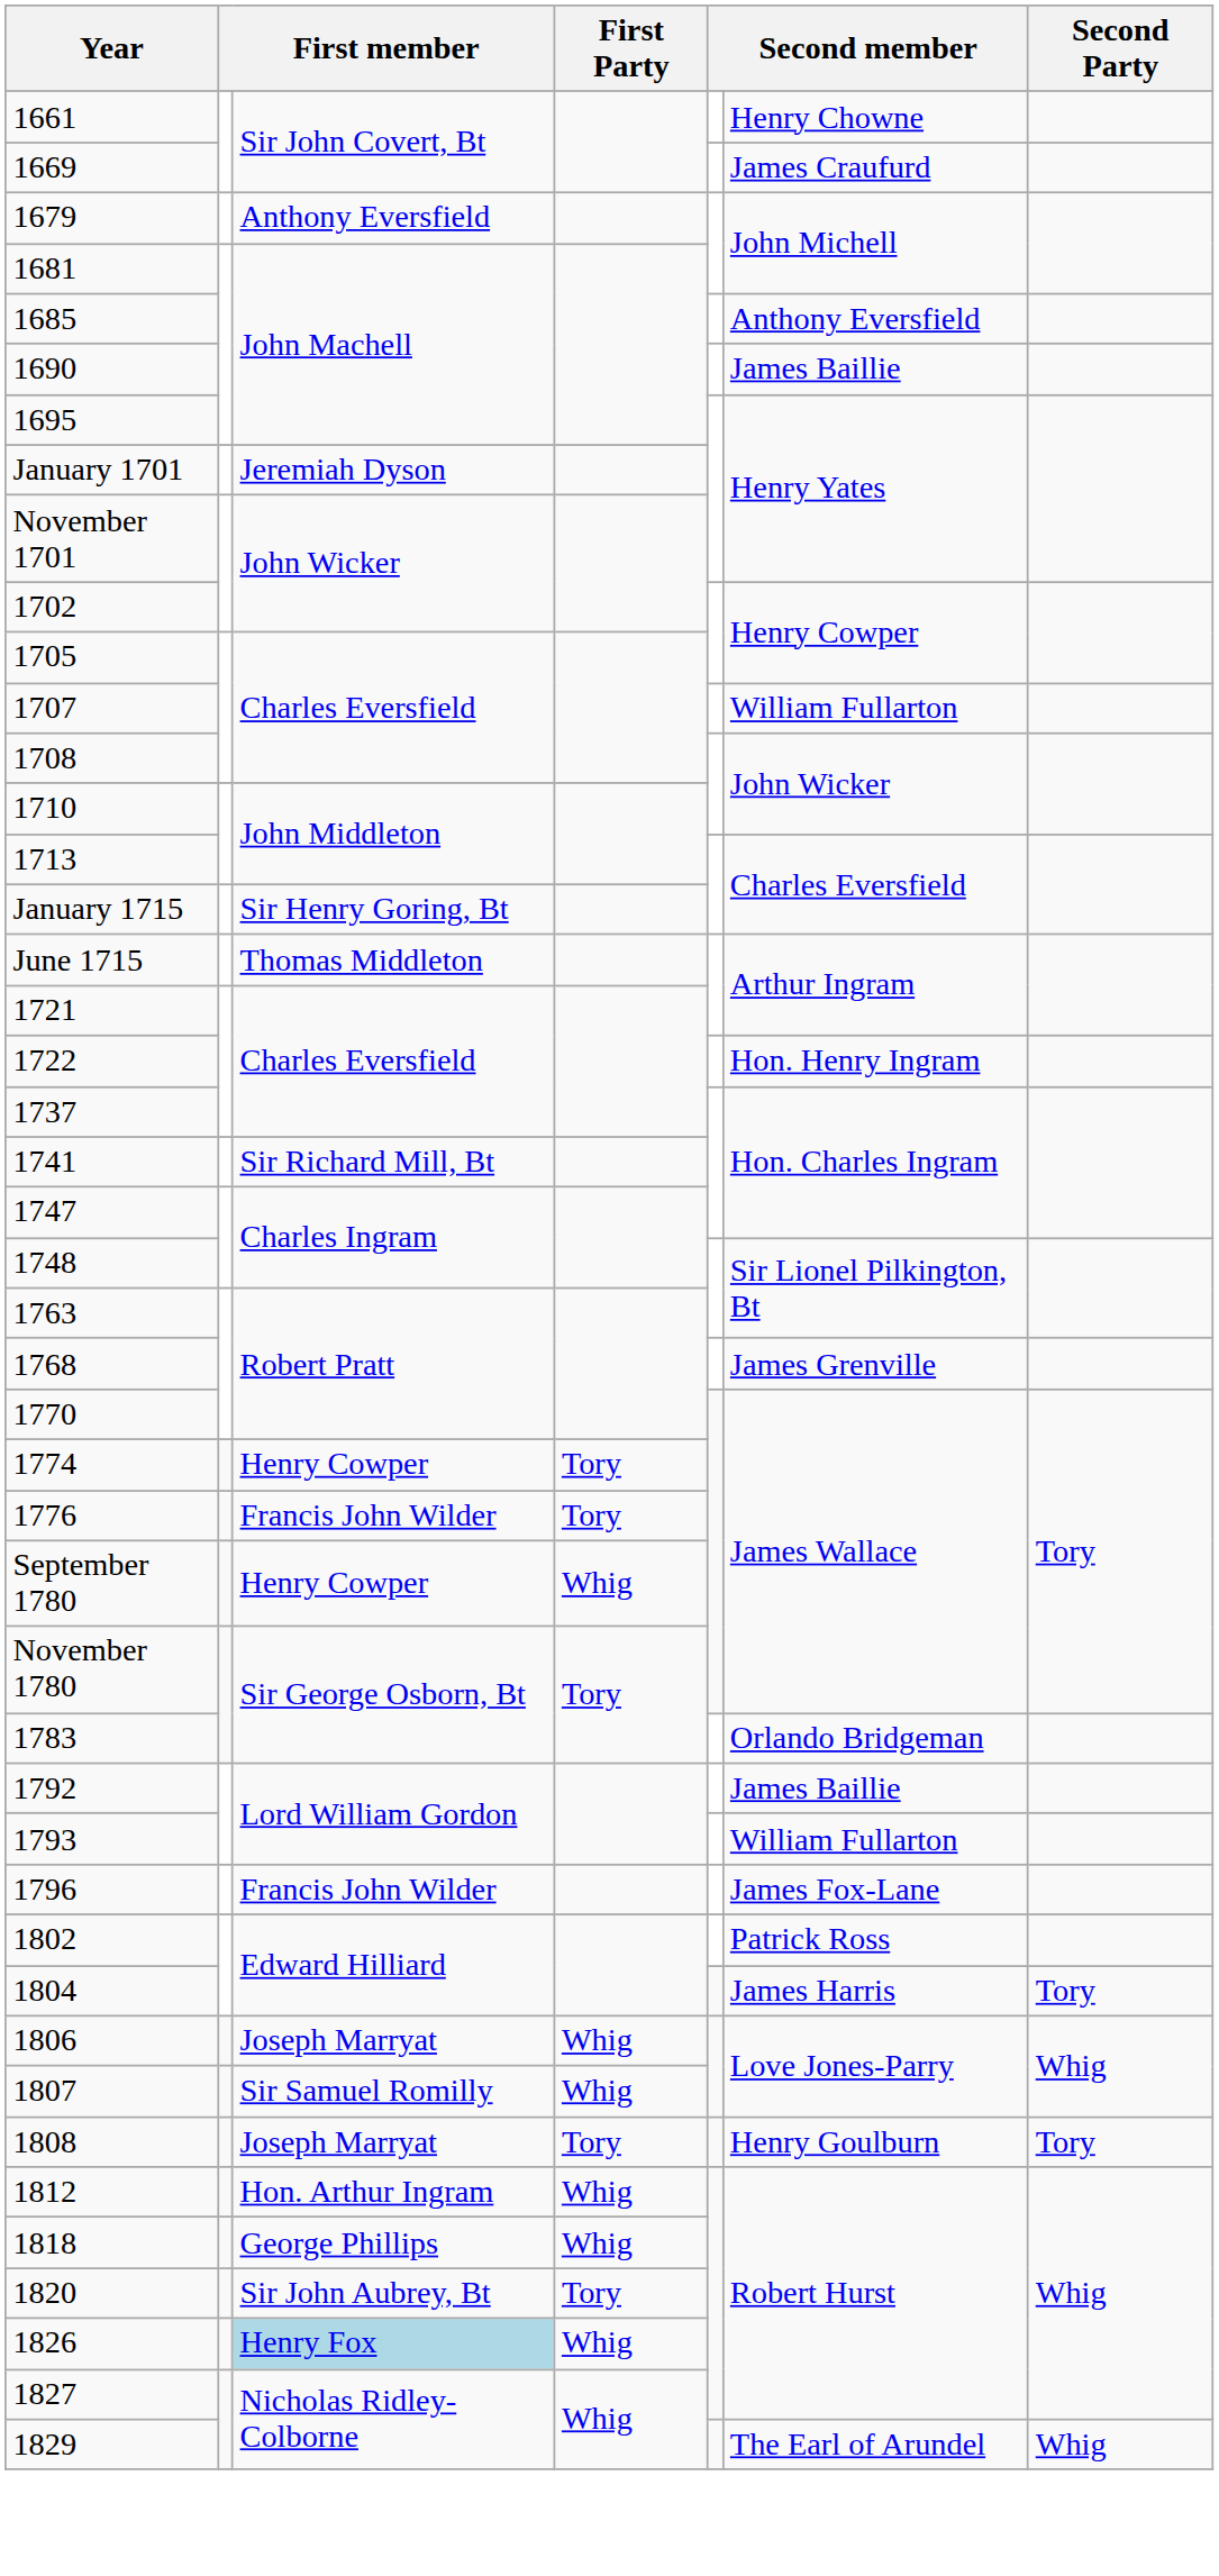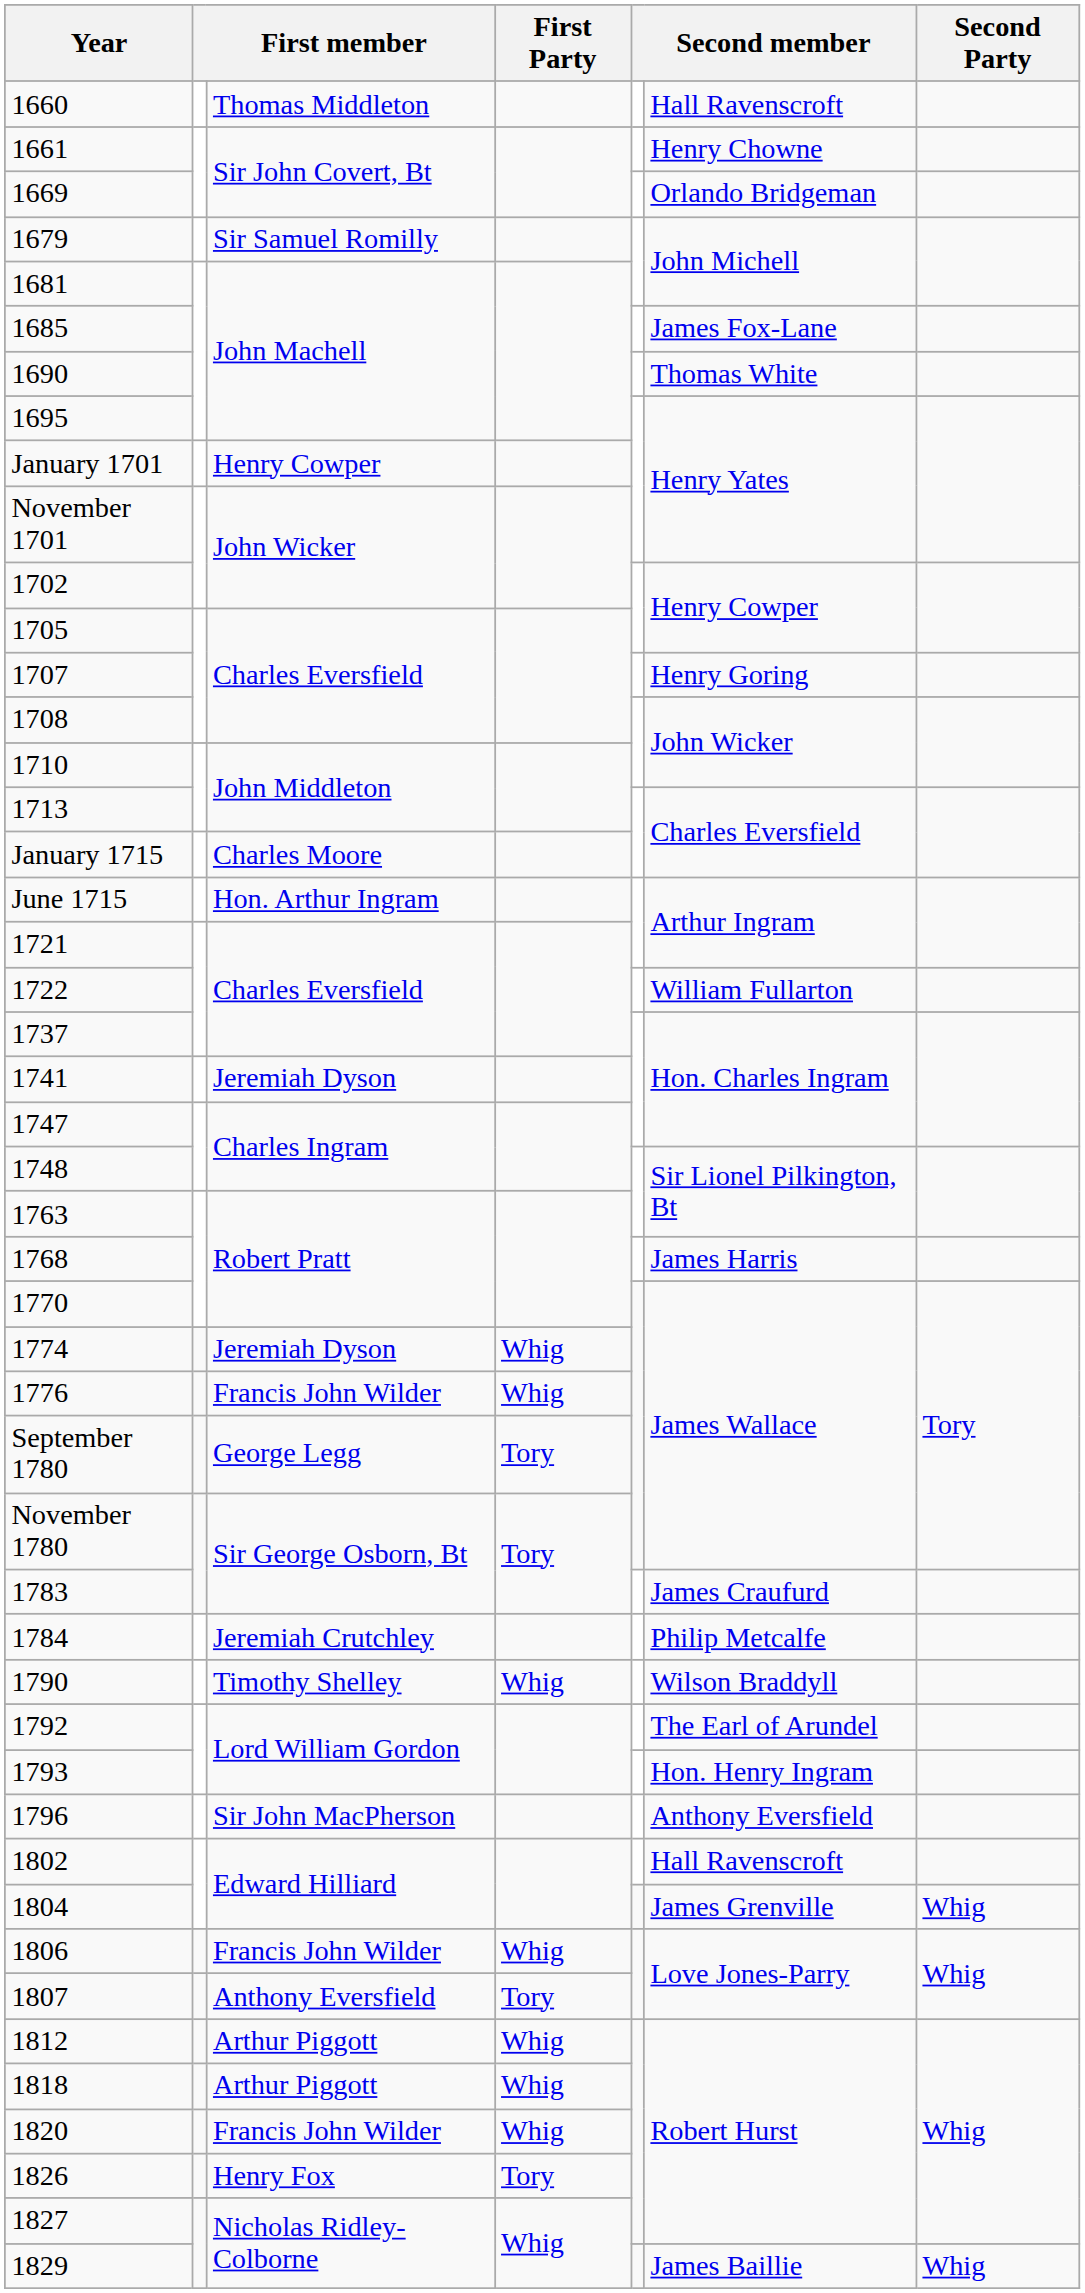 <table class="wikitable">
 <tr>
 <th>Year</th>
 <th colspan="2">First member</th>
 <th>First Party</th>
 <th colspan="2">Second member</th>
 <th>Second Party</th>
+</tr>
+<tr>
+<td>1660</td>
+<td style="color:inherit;background-color: white"></td>
+<td><a href='#'>Thomas Middleton</a></td>
+<td></td>
+<td style="color:inherit;background-color: white"></td>
+<td><a href='#'>Hall Ravenscroft</a></td>
+<td></td>
 </tr>
 <tr>
 <td>1661</td>
 <td rowspan="2" style="color:inherit;background-color: white"></td>
 <td rowspan="2"><a href='#'>Sir John Covert, Bt</a></td>
 <td rowspan="2"></td>
 <td style="color:inherit;background-color: white"></td>
 <td><a href='#'>Henry Chowne</a></td>
 <td></td>
 </tr>
 <tr>
 <td>1669</td>
 <td style="color:inherit;background-color: white"></td>
-<td><a href='#'>James Craufurd</a></td>
+<td><a href='#'>Orlando Bridgeman</a></td>
 <td></td>
 </tr>
 <tr>
 <td>1679</td>
 <td style="color:inherit;background-color: white"></td>
-<td><a href='#'>Anthony Eversfield</a></td>
+<td><a href='#'>Sir Samuel Romilly</a></td>
 <td></td>
 <td rowspan="2" style="color:inherit;background-color: white"></td>
 <td rowspan="2"><a href='#'>John Michell</a></td>
 <td rowspan="2"></td>
 </tr>
 <tr>
 <td>1681</td>
 <td rowspan="4" style="color:inherit;background-color: white"></td>
 <td rowspan="4"><a href='#'>John Machell</a></td>
 <td rowspan="4"></td>
 </tr>
 <tr>
 <td>1685</td>
 <td style="color:inherit;background-color: white"></td>
-<td><a href='#'>Anthony Eversfield</a></td>
+<td><a href='#'>James Fox-Lane</a></td>
 <td></td>
 </tr>
 <tr>
 <td>1690</td>
 <td style="color:inherit;background-color: white"></td>
-<td><a href='#'>James Baillie</a></td>
+<td><a href='#'>Thomas White</a></td>
 <td></td>
 </tr>
 <tr>
 <td>1695</td>
 <td rowspan="3" style="color:inherit;background-color: white"></td>
 <td rowspan="3"><a href='#'>Henry Yates</a></td>
 <td rowspan="3"></td>
 </tr>
 <tr>
 <td>January 1701</td>
 <td style="color:inherit;background-color: white"></td>
-<td><a href='#'>Jeremiah Dyson</a></td>
+<td><a href='#'>Henry Cowper</a></td>
 <td></td>
 </tr>
 <tr>
 <td>November 1701</td>
 <td rowspan="2" style="color:inherit;background-color: white"></td>
 <td rowspan="2"><a href='#'>John Wicker</a></td>
 <td rowspan="2"></td>
 </tr>
 <tr>
 <td>1702</td>
 <td rowspan="2" style="color:inherit;background-color: white"></td>
 <td rowspan="2"><a href='#'>Henry Cowper</a></td>
 <td rowspan="2"></td>
 </tr>
 <tr>
 <td>1705</td>
 <td rowspan="3" style="color:inherit;background-color: white"></td>
 <td rowspan="3"><a href='#'>Charles Eversfield</a></td>
 <td rowspan="3"></td>
 </tr>
 <tr>
 <td>1707</td>
 <td style="color:inherit;background-color: white"></td>
-<td><a href='#'>William Fullarton</a></td>
+<td><a href='#'>Henry Goring</a></td>
 <td></td>
 </tr>
 <tr>
 <td>1708</td>
 <td rowspan="2" style="color:inherit;background-color: white"></td>
 <td rowspan="2"><a href='#'>John Wicker</a></td>
 <td rowspan="2"></td>
 </tr>
 <tr>
 <td>1710</td>
 <td rowspan="2" style="color:inherit;background-color: white"></td>
 <td rowspan="2"><a href='#'>John Middleton</a></td>
 <td rowspan="2"></td>
 </tr>
 <tr>
 <td>1713</td>
 <td rowspan="2" style="color:inherit;background-color: white"></td>
 <td rowspan="2"><a href='#'>Charles Eversfield</a></td>
 <td rowspan="2"></td>
 </tr>
 <tr>
 <td>January 1715</td>
 <td style="color:inherit;background-color: white"></td>
-<td><a href='#'>Sir Henry Goring, Bt</a></td>
+<td><a href='#'>Charles Moore</a></td>
 <td></td>
 </tr>
 <tr>
 <td>June 1715</td>
 <td style="color:inherit;background-color: white"></td>
-<td><a href='#'>Thomas Middleton</a></td>
+<td><a href='#'>Hon. Arthur Ingram</a></td>
 <td></td>
 <td rowspan="2" style="color:inherit;background-color: white"></td>
 <td rowspan="2"><a href='#'>Arthur Ingram</a></td>
 <td rowspan="2"></td>
 </tr>
 <tr>
 <td>1721</td>
 <td rowspan="3" style="color:inherit;background-color: white"></td>
 <td rowspan="3"><a href='#'>Charles Eversfield</a></td>
 <td rowspan="3"></td>
 </tr>
 <tr>
 <td>1722</td>
 <td style="color:inherit;background-color: white"></td>
-<td><a href='#'>Hon. Henry Ingram</a></td>
+<td><a href='#'>William Fullarton</a></td>
 <td></td>
 </tr>
 <tr>
 <td>1737</td>
 <td rowspan="3" style="color:inherit;background-color: white"></td>
 <td rowspan="3"><a href='#'>Hon. Charles Ingram</a></td>
 <td rowspan="3"></td>
 </tr>
 <tr>
 <td>1741</td>
 <td style="color:inherit;background-color: white"></td>
-<td><a href='#'>Sir Richard Mill, Bt</a></td>
+<td><a href='#'>Jeremiah Dyson</a></td>
 <td></td>
 </tr>
 <tr>
 <td>1747</td>
 <td rowspan="2" style="color:inherit;background-color: white"></td>
 <td rowspan="2"><a href='#'>Charles Ingram</a></td>
 <td rowspan="2"></td>
 </tr>
 <tr>
 <td>1748</td>
 <td rowspan="2" style="color:inherit;background-color: white"></td>
 <td rowspan="2"><a href='#'>Sir Lionel Pilkington, Bt</a></td>
 <td rowspan="2"></td>
 </tr>
 <tr>
 <td>1763</td>
 <td rowspan="3" style="color:inherit;background-color: white"></td>
 <td rowspan="3"><a href='#'>Robert Pratt</a></td>
 <td rowspan="3"></td>
 </tr>
 <tr>
 <td>1768</td>
 <td style="color:inherit;background-color: white"></td>
-<td><a href='#'>James Grenville</a></td>
+<td><a href='#'>James Harris</a></td>
 <td></td>
 </tr>
 <tr>
 <td>1770</td>
 <td rowspan="5" style="color:inherit;background-color: "></td>
 <td rowspan="5"><a href='#'>James Wallace</a></td>
 <td rowspan="5"><a href='#'>Tory</a></td>
 </tr>
 <tr>
 <td>1774</td>
 <td style="color:inherit;background-color: "></td>
-<td><a href='#'>Henry Cowper</a></td>
-<td><a href='#'>Tory</a></td>
+<td><a href='#'>Jeremiah Dyson</a></td>
+<td><a href='#'>Whig</a></td>
 </tr>
 <tr>
 <td>1776</td>
 <td style="color:inherit;background-color: "></td>
 <td><a href='#'>Francis John Wilder</a></td>
-<td><a href='#'>Tory</a></td>
+<td><a href='#'>Whig</a></td>
 </tr>
 <tr>
 <td>September 1780</td>
 <td style="color:inherit;background-color: "></td>
-<td><a href='#'>Henry Cowper</a></td>
-<td><a href='#'>Whig</a></td>
+<td><a href='#'>George Legg</a></td>
+<td><a href='#'>Tory</a></td>
 </tr>
 <tr>
 <td>November 1780</td>
 <td rowspan="2" style="color:inherit;background-color: "></td>
 <td rowspan="2"><a href='#'>Sir George Osborn, Bt</a></td>
 <td rowspan="2"><a href='#'>Tory</a></td>
 </tr>
 <tr>
 <td>1783</td>
 <td style="color:inherit;background-color: white"></td>
-<td><a href='#'>Orlando Bridgeman</a></td>
+<td><a href='#'>James Craufurd</a></td>
+<td></td>
+</tr>
+<tr>
+<td>1784</td>
+<td style="color:inherit;background-color: white"></td>
+<td><a href='#'>Jeremiah Crutchley</a></td>
+<td></td>
+<td style="color:inherit;background-color: white"></td>
+<td><a href='#'>Philip Metcalfe</a></td>
+<td></td>
+</tr>
+<tr>
+<td>1790</td>
+<td style="color:inherit;background-color: white"></td>
+<td><a href='#'>Timothy Shelley</a></td>
+<td><a href='#'>Whig</a></td>
+<td style="color:inherit;background-color: white"></td>
+<td><a href='#'>Wilson Braddyll</a></td>
 <td></td>
 </tr>
 <tr>
 <td>1792</td>
 <td rowspan="2" style="color:inherit;background-color: white"></td>
 <td rowspan="2"><a href='#'>Lord William Gordon</a></td>
 <td rowspan="2"></td>
 <td style="color:inherit;background-color: white"></td>
-<td><a href='#'>James Baillie</a></td>
+<td><a href='#'>The Earl of Arundel</a></td>
 <td></td>
 </tr>
 <tr>
 <td>1793</td>
 <td style="color:inherit;background-color: white"></td>
-<td><a href='#'>William Fullarton</a></td>
+<td><a href='#'>Hon. Henry Ingram</a></td>
 <td></td>
 </tr>
 <tr>
 <td>1796</td>
 <td style="color:inherit;background-color: white"></td>
-<td><a href='#'>Francis John Wilder</a></td>
+<td><a href='#'>Sir John MacPherson</a></td>
 <td></td>
 <td style="color:inherit;background-color: white"></td>
-<td><a href='#'>James Fox-Lane</a></td>
+<td><a href='#'>Anthony Eversfield</a></td>
 <td></td>
 </tr>
 <tr>
 <td>1802</td>
 <td rowspan="2" style="color:inherit;background-color: white"></td>
 <td rowspan="2"><a href='#'>Edward Hilliard</a></td>
 <td rowspan="2"></td>
 <td style="color:inherit;background-color: white"></td>
-<td><a href='#'>Patrick Ross</a></td>
+<td><a href='#'>Hall Ravenscroft</a></td>
 <td></td>
 </tr>
 <tr>
 <td>1804</td>
 <td style="color:inherit;background-color: "></td>
-<td><a href='#'>James Harris</a></td>
-<td><a href='#'>Tory</a></td>
+<td><a href='#'>James Grenville</a></td>
+<td><a href='#'>Whig</a></td>
 </tr>
 <tr>
 <td>1806</td>
 <td style="color:inherit;background-color: "></td>
-<td><a href='#'>Joseph Marryat</a></td>
+<td><a href='#'>Francis John Wilder</a></td>
 <td><a href='#'>Whig</a></td>
 <td rowspan="2" style="color:inherit;background-color: "></td>
 <td rowspan="2"><a href='#'>Love Jones-Parry</a></td>
 <td rowspan="2"><a href='#'>Whig</a></td>
 </tr>
 <tr>
 <td>1807</td>
 <td style="color:inherit;background-color: "></td>
-<td><a href='#'>Sir Samuel Romilly</a></td>
-<td><a href='#'>Whig</a></td>
-</tr>
-<tr>
-<td>1808</td>
-<td style="color:inherit;background-color: "></td>
-<td><a href='#'>Joseph Marryat</a></td>
-<td><a href='#'>Tory</a></td>
-<td style="color:inherit;background-color: "></td>
-<td><a href='#'>Henry Goulburn</a></td>
+<td><a href='#'>Anthony Eversfield</a></td>
 <td><a href='#'>Tory</a></td>
 </tr>
 <tr>
 <td>1812</td>
 <td style="color:inherit;background-color: "></td>
-<td><a href='#'>Hon. Arthur Ingram</a></td>
+<td><a href='#'>Arthur Piggott</a></td>
 <td><a href='#'>Whig</a></td>
 <td rowspan="5" style="color:inherit;background-color: "></td>
 <td rowspan="5"><a href='#'>Robert Hurst</a></td>
 <td rowspan="5"><a href='#'>Whig</a></td>
 </tr>
 <tr>
 <td>1818</td>
 <td style="color:inherit;background-color: "></td>
-<td><a href='#'>George Phillips</a></td>
+<td><a href='#'>Arthur Piggott</a></td>
 <td><a href='#'>Whig</a></td>
 </tr>
 <tr>
 <td>1820</td>
 <td style="color:inherit;background-color: "></td>
-<td><a href='#'>Sir John Aubrey, Bt</a></td>
-<td><a href='#'>Tory</a></td>
+<td><a href='#'>Francis John Wilder</a></td>
+<td><a href='#'>Whig</a></td>
 </tr>
 <tr>
 <td>1826</td>
 <td style="color:inherit;background-color: "></td>
-<td style="background: lightblue;"><a href='#'>Henry Fox</a></td>
-<td><a href='#'>Whig</a></td>
+<td><a href='#'>Henry Fox</a></td>
+<td><a href='#'>Tory</a></td>
 </tr>
 <tr>
 <td>1827</td>
 <td rowspan="2" style="color:inherit;background-color: "></td>
 <td rowspan="2"><a href='#'>Nicholas Ridley-Colborne</a></td>
 <td rowspan="2"><a href='#'>Whig</a></td>
 </tr>
 <tr>
 <td>1829</td>
 <td style="color:inherit;background-color: "></td>
-<td><a href='#'>The Earl of Arundel</a></td>
+<td><a href='#'>James Baillie</a></td>
 <td><a href='#'>Whig</a></td>
 </tr>
 </table>
